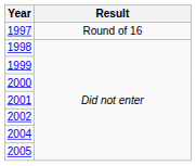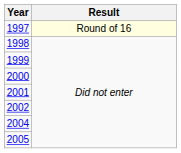 <table class="wikitable" style="text-align: center; font-size:90%">
 <tr>
 <th>Year</th>
 <th style="width:200px">Result</th>
 </tr>
 <tr>
 <td> <a href='#'>1997</a></td>
-<td>Round of 16</td>
+<td style="background: lightyellow;">Round of 16</td>
 </tr>
 <tr>
 <td> <a href='#'>1998</a></td>
 <td rowspan="7"><em>Did not enter</em></td>
 </tr>
 <tr>
 <td> <a href='#'>1999</a></td>
 </tr>
 <tr>
 <td> <a href='#'>2000</a></td>
 </tr>
 <tr>
 <td> <a href='#'>2001</a></td>
 </tr>
 <tr>
 <td> <a href='#'>2002</a></td>
 </tr>
 <tr>
 <td> <a href='#'>2004</a></td>
 </tr>
 <tr>
 <td> <a href='#'>2005</a></td>
 </tr>
 </table>
